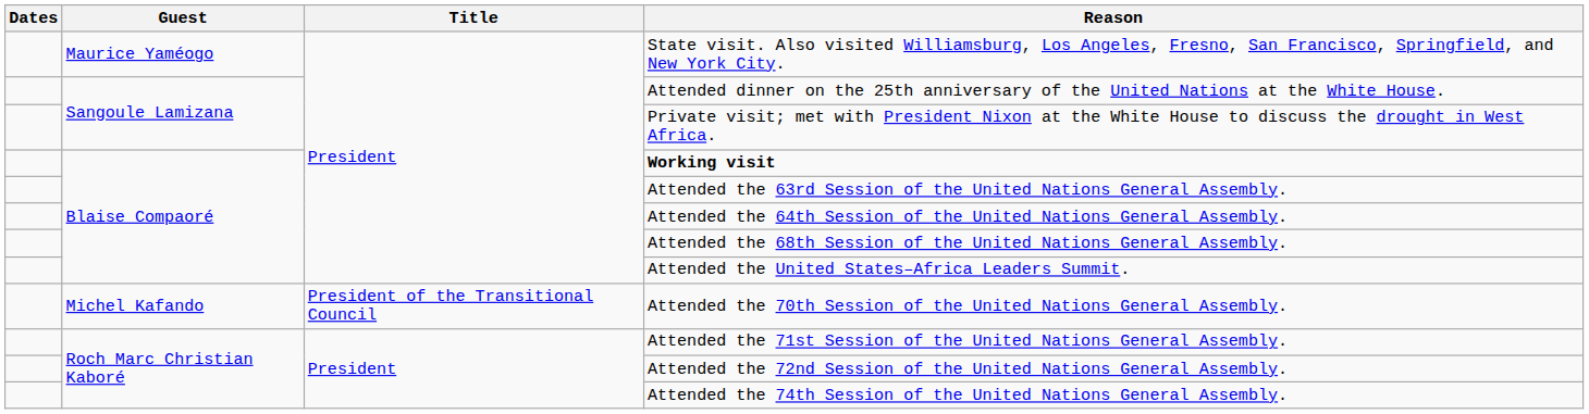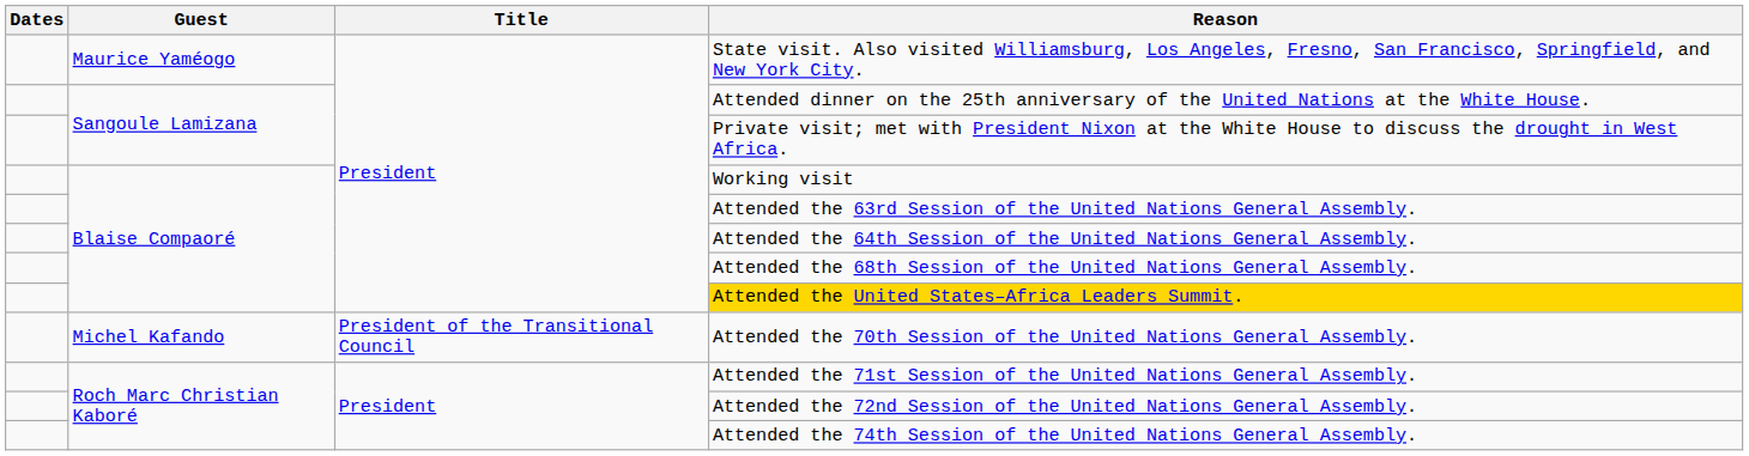 <table class="wikitable sortable">
 <tr>
 <th>Dates</th>
 <th>Guest</th>
 <th>Title</th>
 <th>Reason</th>
 </tr>
 <tr>
 <td></td>
 <td><a href='#'>Maurice Yaméogo</a></td>
 <td rowspan="8"><a href='#'>President</a></td>
 <td>State visit. Also visited <a href='#'>Williamsburg</a>, <a href='#'>Los Angeles</a>, <a href='#'>Fresno</a>, <a href='#'>San Francisco</a>, <a href='#'>Springfield</a>, and <a href='#'>New York City</a>.</td>
 </tr>
 <tr>
 <td></td>
 <td rowspan=2><a href='#'>Sangoule Lamizana</a></td>
 <td>Attended dinner on the 25th anniversary of the <a href='#'>United Nations</a> at the <a href='#'>White House</a>.</td>
 </tr>
 <tr>
 <td></td>
 <td>Private visit; met with <a href='#'>President Nixon</a> at the White House to discuss the <a href='#'>drought in West Africa</a>.</td>
 </tr>
 <tr>
 <td></td>
 <td rowspan="5"><a href='#'>Blaise Compaoré</a></td>
-<td><strong>Working visit</strong></td>
+<td>Working visit</td>
 </tr>
 <tr>
 <td></td>
 <td>Attended the <a href='#'>63rd Session of the United Nations General Assembly</a>.</td>
 </tr>
 <tr>
 <td></td>
 <td>Attended the <a href='#'>64th Session of the United Nations General Assembly</a>.</td>
 </tr>
 <tr>
 <td></td>
 <td>Attended the <a href='#'>68th Session of the United Nations General Assembly</a>.</td>
 </tr>
 <tr>
 <td></td>
-<td>Attended the <a href='#'>United States–Africa Leaders Summit</a>.</td>
+<td style="background: gold;">Attended the <a href='#'>United States–Africa Leaders Summit</a>.</td>
 </tr>
 <tr>
 <td></td>
 <td><a href='#'>Michel Kafando</a></td>
 <td><a href='#'>President of the Transitional Council</a></td>
 <td>Attended the <a href='#'>70th Session of the United Nations General Assembly</a>.</td>
 </tr>
 <tr>
 <td></td>
 <td rowspan="3"><a href='#'>Roch Marc Christian Kaboré</a></td>
 <td rowspan="3"><a href='#'>President</a></td>
 <td>Attended the <a href='#'>71st Session of the United Nations General Assembly</a>.</td>
 </tr>
 <tr>
 <td></td>
 <td>Attended the <a href='#'>72nd Session of the United Nations General Assembly</a>.</td>
 </tr>
 <tr>
 <td></td>
 <td>Attended the <a href='#'>74th Session of the United Nations General Assembly</a>.</td>
 </tr>
 </table>
